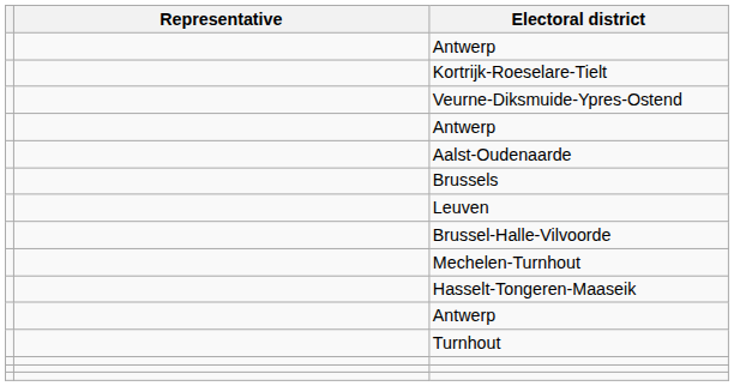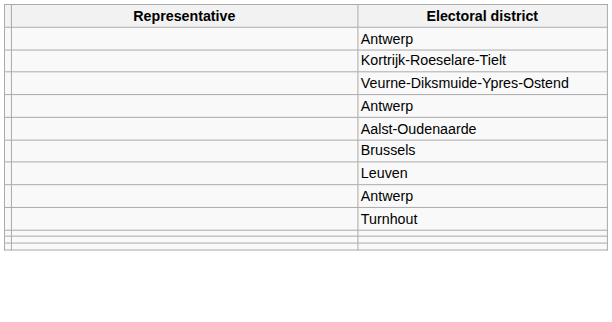 <table class="sortable wikitable" style="text-align:left; font-size:90%;">
 <tr>
 <th></th>
 <th width="350">Representative</th>
 <th width="250">Electoral district</th>
 </tr>
 <tr>
 <td></td>
 <td></td>
 <td>Antwerp</td>
 </tr>
 <tr>
 <td></td>
 <td></td>
 <td>Kortrijk-Roeselare-Tielt</td>
 </tr>
 <tr>
 <td></td>
 <td></td>
 <td>Veurne-Diksmuide-Ypres-Ostend</td>
 </tr>
 <tr>
 <td></td>
 <td></td>
 <td>Antwerp</td>
 </tr>
 <tr>
 <td></td>
 <td></td>
 <td>Aalst-Oudenaarde</td>
 </tr>
 <tr>
 <td></td>
 <td></td>
 <td>Brussels</td>
 </tr>
 <tr>
 <td></td>
 <td></td>
 <td>Leuven</td>
 </tr>
 <tr>
 <td></td>
 <td></td>
-<td>Brussel-Halle-Vilvoorde</td>
-</tr>
-<tr>
-<td></td>
-<td></td>
-<td>Mechelen-Turnhout</td>
-</tr>
-<tr>
-<td></td>
-<td></td>
-<td>Hasselt-Tongeren-Maaseik</td>
-</tr>
-<tr>
-<td></td>
-<td></td>
 <td>Antwerp</td>
 </tr>
 <tr>
 <td></td>
 <td></td>
 <td>Turnhout</td>
 </tr>
 <tr>
 <td></td>
 <td></td>
 <td></td>
 </tr>
 <tr>
 <td></td>
 <td></td>
 <td></td>
 </tr>
 <tr>
 <td></td>
 <td></td>
 <td></td>
 </tr>
 </table>
